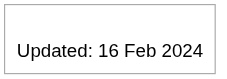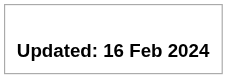 <table cellpadding="10" cellspacing="0" style="border:solid 1px #aaa">
 <tr>
 <td></td>
 </tr>
 <tr>
-<td>Updated: 16 Feb 2024</td>
+<td><strong>Updated: 16 Feb 2024</strong></td>
 </tr>
 </table>
